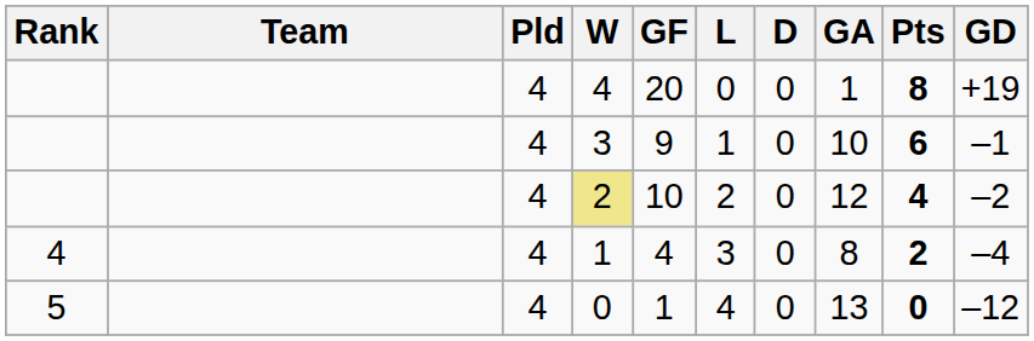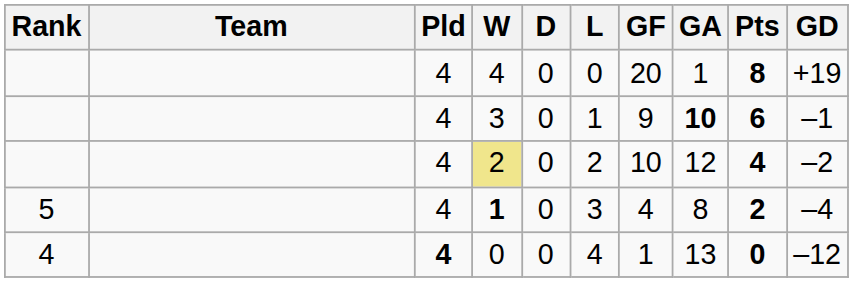 <table class="wikitable" style="text-align:center;">
 <tr>
 <th>Rank</th>
 <th width=175>Team</th>
 <th width=20 abbr="Played">Pld</th>
 <th width=20 abbr="Won">W</th>
+<th width=20 abbr="Drawn">D</th>
+<th width=20 abbr="Lost">L</th>
 <th width=20 abbr="Goals for">GF</th>
-<th width=20 abbr="Lost">L</th>
-<th width=20 abbr="Drawn">D</th>
 <th width=20 abbr="Goals against">GA</th>
 <th width=20 abbr="Points">Pts</th>
 <th width=20 abbr="Goal difference">GD</th>
 </tr>
 <tr>
 <td></td>
 <td align=left></td>
 <td>4</td>
 <td>4</td>
-<td>20</td>
 <td>0</td>
 <td>0</td>
+<td>20</td>
 <td>1</td>
 <td><strong>8</strong></td>
 <td>+19</td>
 </tr>
 <tr>
 <td></td>
 <td align=left></td>
 <td>4</td>
 <td>3</td>
+<td>0</td>
+<td>1</td>
 <td>9</td>
-<td>1</td>
-<td>0</td>
-<td>10</td>
+<td><strong>10</strong></td>
 <td><strong>6</strong></td>
 <td>–1</td>
 </tr>
 <tr>
 <td></td>
 <td align=left></td>
 <td>4</td>
 <td style="background: khaki;">2</td>
+<td>0</td>
+<td>2</td>
 <td>10</td>
-<td>2</td>
-<td>0</td>
 <td>12</td>
 <td><strong>4</strong></td>
 <td>–2</td>
 </tr>
 <tr>
-<td>4</td>
+<td>5</td>
 <td align=left></td>
 <td>4</td>
-<td>1</td>
+<td><strong>1</strong></td>
+<td>0</td>
+<td>3</td>
 <td>4</td>
-<td>3</td>
-<td>0</td>
 <td>8</td>
 <td><strong>2</strong></td>
 <td>–4</td>
 </tr>
 <tr>
-<td>5</td>
+<td>4</td>
 <td align=left></td>
+<td><strong>4</strong></td>
+<td>0</td>
+<td>0</td>
 <td>4</td>
-<td>0</td>
 <td>1</td>
-<td>4</td>
-<td>0</td>
 <td>13</td>
 <td><strong>0</strong></td>
 <td>–12</td>
 </tr>
 </table>
